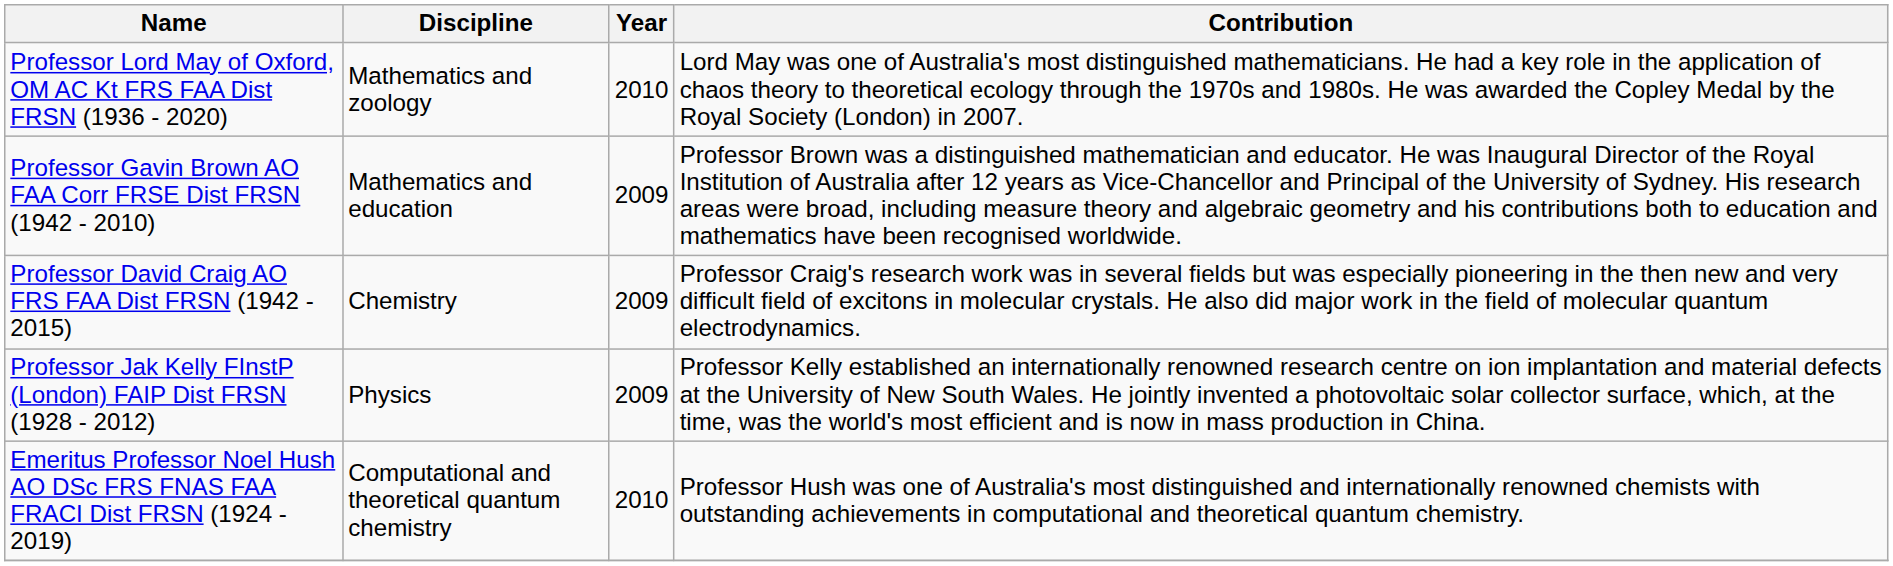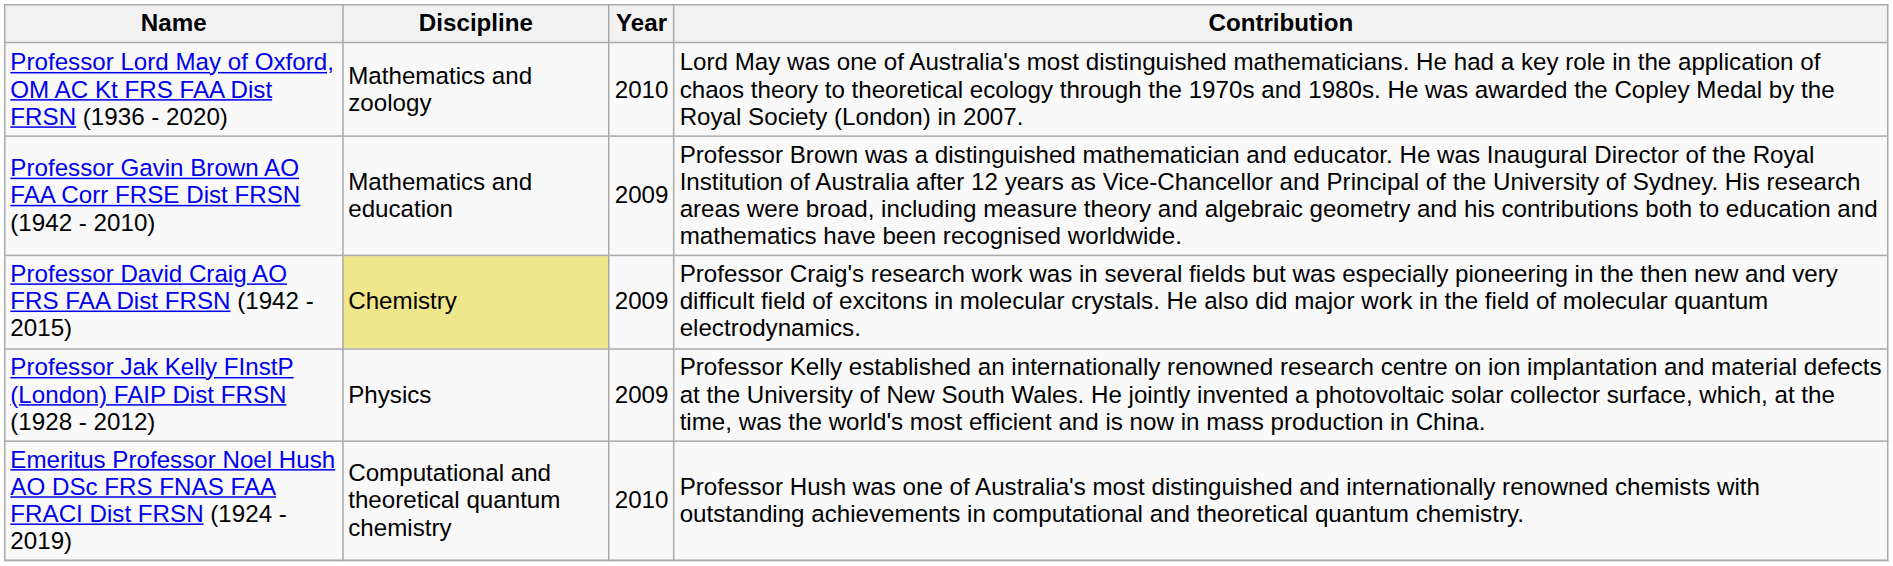 <table class="wikitable">
 <tr>
 <th>Name</th>
 <th>Discipline</th>
 <th>Year</th>
 <th>Contribution</th>
 </tr>
 <tr>
 <td><a href='#'>Professor Lord May of Oxford, OM AC Kt FRS FAA Dist FRSN</a> (1936 - 2020)</td>
 <td>Mathematics and zoology</td>
 <td>2010</td>
 <td>Lord May was one of Australia's most distinguished mathematicians. He had a key role in the application of chaos theory to theoretical ecology through the 1970s and 1980s. He was awarded the Copley Medal by the Royal Society (London) in 2007.</td>
 </tr>
 <tr>
 <td><a href='#'>Professor Gavin Brown AO FAA Corr FRSE Dist FRSN</a> (1942 - 2010)</td>
 <td>Mathematics and education</td>
 <td>2009</td>
 <td>Professor Brown was a distinguished mathematician and educator. He was Inaugural Director of the Royal Institution of Australia after 12 years as Vice-Chancellor and Principal of the University of Sydney. His research areas were broad, including measure theory and algebraic geometry and his contributions both to education and mathematics have been recognised worldwide.</td>
 </tr>
 <tr>
 <td><a href='#'>Professor David Craig AO FRS FAA Dist FRSN</a> (1942 - 2015)</td>
-<td>Chemistry</td>
+<td style="background: khaki;">Chemistry</td>
 <td>2009</td>
 <td>Professor Craig's research work was in several fields but was especially pioneering in the then new and very difficult field of excitons in molecular crystals. He also did major work in the field of molecular quantum electrodynamics.</td>
 </tr>
 <tr>
 <td><a href='#'>Professor Jak Kelly FInstP (London) FAIP Dist FRSN</a> (1928 - 2012)</td>
 <td>Physics</td>
 <td>2009</td>
 <td>Professor Kelly established an internationally renowned research centre on ion implantation and material defects at the University of New South Wales. He jointly invented a photovoltaic solar collector surface, which, at the time, was the world's most efficient and is now in mass production in China.</td>
 </tr>
 <tr>
 <td><a href='#'>Emeritus Professor Noel Hush AO DSc FRS FNAS FAA FRACI Dist FRSN</a> (1924 - 2019)</td>
 <td>Computational and theoretical quantum chemistry</td>
 <td>2010</td>
 <td>Professor Hush was one of Australia's most distinguished and internationally renowned chemists with outstanding achievements in computational and theoretical quantum chemistry.</td>
 </tr>
 <tr>
 </tr>
 </table>
